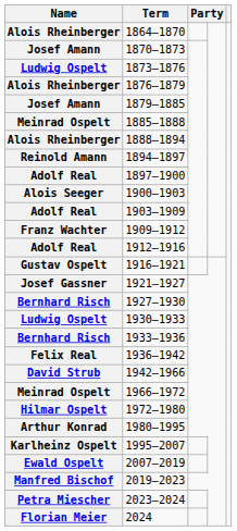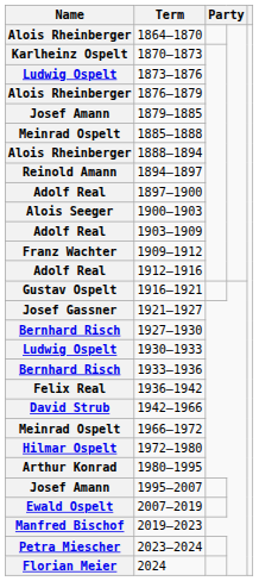 <table class="wikitable">
 <tr>
 <th scope="col">Name</th>
 <th scope="col">Term</th>
 <th colspan="2" scope="colgroup">Party</th>
 <th scope="col"></th>
 </tr>
 <tr>
 <th scope="row">Alois Rheinberger</th>
 <td>1864–1870</td>
 <td style="background:"></td>
 <td rowspan="13"></td>
 <td rowspan="28"></td>
 </tr>
 <tr>
-<th>Josef Amann</th>
+<th>Karlheinz Ospelt</th>
 <td>1870–1873</td>
 </tr>
 <tr>
 <th><a href='#'>Ludwig Ospelt</a></th>
 <td>1873–1876</td>
 </tr>
 <tr>
 <th>Alois Rheinberger</th>
 <td>1876–1879</td>
 </tr>
 <tr>
 <th>Josef Amann</th>
 <td>1879–1885</td>
 </tr>
 <tr>
 <th>Meinrad Ospelt</th>
 <td>1885–1888</td>
 </tr>
 <tr>
 <th>Alois Rheinberger</th>
 <td>1888–1894</td>
 </tr>
 <tr>
 <th>Reinold Amann</th>
 <td>1894–1897</td>
 </tr>
 <tr>
 <th>Adolf Real</th>
 <td>1897–1900</td>
 </tr>
 <tr>
 <th>Alois Seeger</th>
 <td>1900–1903</td>
 </tr>
 <tr>
 <th>Adolf Real</th>
 <td>1903–1909</td>
 </tr>
 <tr>
 <th>Franz Wachter</th>
 <td>1909–1912</td>
 </tr>
 <tr>
 <th>Adolf Real</th>
 <td>1912–1916</td>
 </tr>
 <tr>
 <th>Gustav Ospelt</th>
 <td>1916–1921</td>
 <td></td>
 </tr>
 <tr>
 <th>Josef Gassner</th>
 <td>1921–1927</td>
 </tr>
 <tr>
 <th><a href='#'>Bernhard Risch</a></th>
 <td>1927–1930</td>
 </tr>
 <tr>
 <th><a href='#'>Ludwig Ospelt</a></th>
 <td>1930–1933</td>
 </tr>
 <tr>
 <th><a href='#'>Bernhard Risch</a></th>
 <td>1933–1936</td>
 </tr>
 <tr>
 <th>Felix Real</th>
 <td>1936–1942</td>
 </tr>
 <tr>
 <th><a href='#'>David Strub</a></th>
 <td>1942–1966</td>
 </tr>
 <tr>
 <th>Meinrad Ospelt</th>
 <td>1966–1972</td>
 </tr>
 <tr>
 <th><a href='#'>Hilmar Ospelt</a></th>
 <td>1972–1980</td>
 </tr>
 <tr>
 <th>Arthur Konrad</th>
 <td>1980–1995</td>
 </tr>
 <tr>
-<th>Karlheinz Ospelt</th>
+<th>Josef Amann</th>
 <td>1995–2007</td>
 <td></td>
 </tr>
 <tr>
 <th><a href='#'>Ewald Ospelt</a></th>
 <td>2007–2019</td>
 <td></td>
 </tr>
 <tr>
 <th><a href='#'>Manfred Bischof</a></th>
 <td>2019–2023</td>
 </tr>
 <tr>
 <th><a href='#'>Petra Miescher</a></th>
 <td>2023–2024</td>
 <td></td>
 </tr>
 <tr>
 <th><a href='#'>Florian Meier</a></th>
 <td>2024</td>
 <td></td>
 </tr>
 </table>
